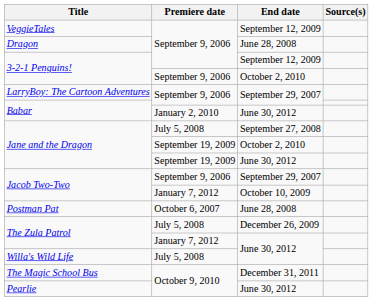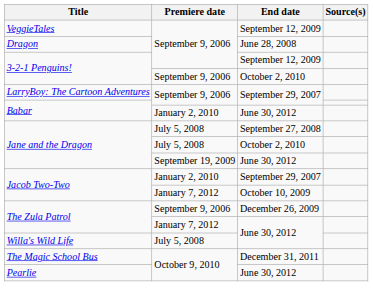 <table class="wikitable sortable">
 <tr>
 <th>Title</th>
 <th>Premiere date</th>
 <th>End date</th>
 <th>Source(s)</th>
 </tr>
 <tr>
 <td><em><a href='#'>VeggieTales</a></em></td>
 <td rowspan=3>September 9, 2006</td>
 <td>September 12, 2009</td>
 <td></td>
 </tr>
 <tr>
 <td><em><a href='#'>Dragon</a></em></td>
 <td>June 28, 2008</td>
 <td></td>
 </tr>
 <tr>
 <td rowspan=2><em><a href='#'>3-2-1 Penguins!</a></em></td>
 <td>September 12, 2009</td>
 <td></td>
 </tr>
 <tr>
 <td>September 9, 2006</td>
 <td>October 2, 2010</td>
 <td></td>
 </tr>
 <tr>
 <td><em><a href='#'>LarryBoy: The Cartoon Adventures</a></em></td>
 <td rowspan=2>September 9, 2006</td>
 <td rowspan=2>September 29, 2007</td>
 <td></td>
 </tr>
 <tr>
 <td rowspan=2><em><a href='#'>Babar</a></em></td>
 <td></td>
 </tr>
 <tr>
 <td>January 2, 2010</td>
 <td>June 30, 2012</td>
 <td></td>
 </tr>
 <tr>
 <td rowspan=3><em><a href='#'>Jane and the Dragon</a></em></td>
 <td>July 5, 2008</td>
 <td>September 27, 2008</td>
 <td></td>
 </tr>
 <tr>
-<td>September 19, 2009</td>
+<td>July 5, 2008</td>
 <td>October 2, 2010</td>
 <td></td>
 </tr>
 <tr>
 <td>September 19, 2009</td>
 <td>June 30, 2012</td>
 <td></td>
 </tr>
 <tr>
 <td rowspan=2><em><a href='#'>Jacob Two-Two</a></em></td>
-<td>September 9, 2006</td>
+<td>January 2, 2010</td>
 <td>September 29, 2007</td>
 <td></td>
 </tr>
 <tr>
 <td>January 7, 2012</td>
 <td>October 10, 2009</td>
 <td></td>
 </tr>
 <tr>
-<td><em><a href='#'>Postman Pat</a></em></td>
-<td>October 6, 2007</td>
-<td>June 28, 2008</td>
-<td></td>
-</tr>
-<tr>
 <td rowspan=2><em><a href='#'>The Zula Patrol</a></em></td>
-<td>July 5, 2008</td>
+<td>September 9, 2006</td>
 <td>December 26, 2009</td>
 <td></td>
 </tr>
 <tr>
 <td>January 7, 2012</td>
 <td rowspan=2>June 30, 2012</td>
 <td></td>
 </tr>
 <tr>
 <td><em><a href='#'>Willa's Wild Life</a></em></td>
 <td>July 5, 2008</td>
 <td></td>
 </tr>
 <tr>
 <td><em><a href='#'>The Magic School Bus</a></em></td>
 <td rowspan=2>October 9, 2010</td>
 <td>December 31, 2011</td>
 <td></td>
 </tr>
 <tr>
 <td><em><a href='#'>Pearlie</a></em></td>
 <td>June 30, 2012</td>
 <td></td>
 </tr>
 </table>
